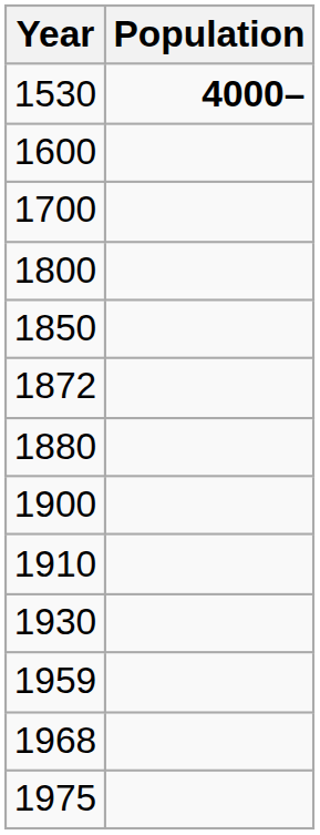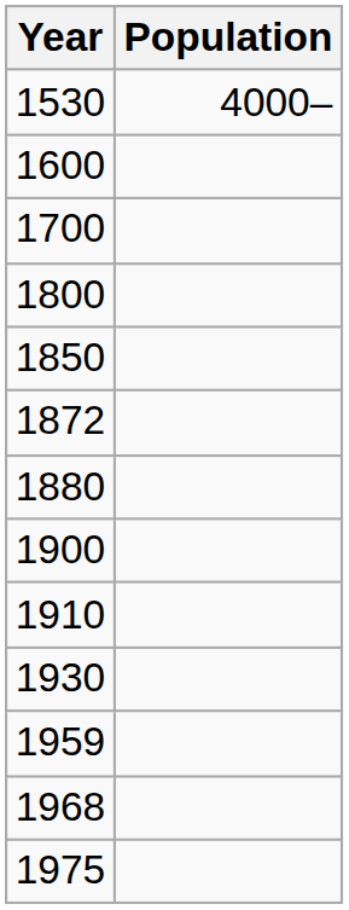 <table class="wikitable">
 <tr>
 <th>Year</th>
 <th colspan="2">Population</th>
 </tr>
 <tr>
 <td>1530</td>
-<td align = right><strong>4000–</strong></td>
+<td align = right>4000–</td>
 </tr>
 <tr>
 <td>1600</td>
 <td align = right></td>
 </tr>
 <tr>
 <td>1700</td>
 <td align = right></td>
 </tr>
 <tr>
 <td>1800</td>
 <td align = right></td>
 </tr>
 <tr>
 <td>1850</td>
 <td align = right></td>
 </tr>
 <tr>
 <td>1872</td>
 <td align = right></td>
 </tr>
 <tr>
 <td>1880</td>
 <td align = right></td>
 </tr>
 <tr>
 <td>1900</td>
 <td align = right></td>
 </tr>
 <tr>
 <td>1910</td>
 <td align = right></td>
 </tr>
 <tr>
 <td>1930</td>
 <td align = right></td>
 </tr>
 <tr>
 <td>1959</td>
 <td align = right></td>
 </tr>
 <tr>
 <td>1968</td>
 <td align = right></td>
 </tr>
 <tr>
 <td>1975</td>
 <td align = right></td>
 </tr>
 </table>
